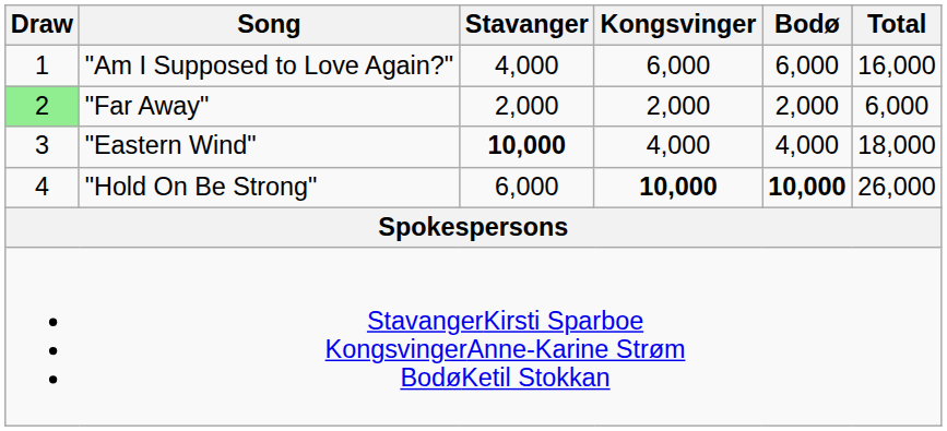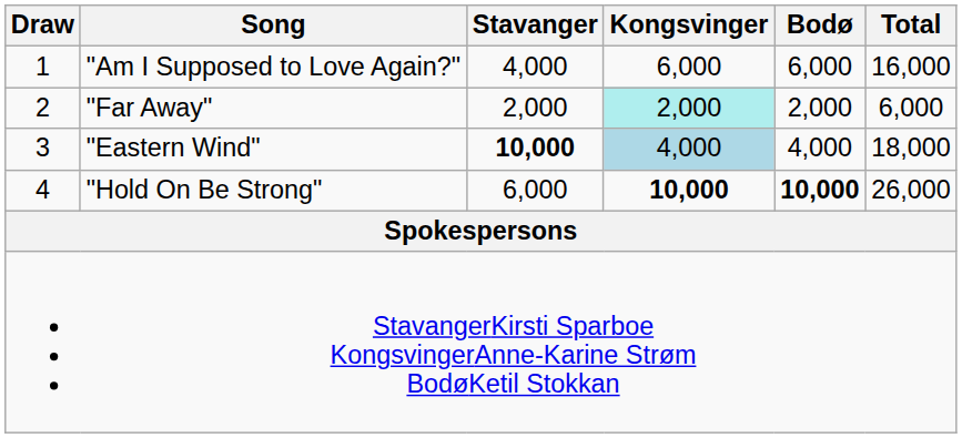 <table class="wikitable collapsible" style="margin: 1em auto 1em auto; text-align:center;">
 <tr>
 <th>Draw</th>
 <th>Song</th>
 <th>Stavanger</th>
 <th>Kongsvinger</th>
 <th>Bodø</th>
 <th>Total</th>
 </tr>
 <tr>
 <td>1</td>
 <td style="text-align:left;">"Am I Supposed to Love Again?"</td>
 <td>4,000</td>
 <td>6,000</td>
 <td>6,000</td>
 <td>16,000</td>
 </tr>
 <tr>
-<td style="background: lightgreen;">2</td>
+<td>2</td>
 <td style="text-align:left;">"Far Away"</td>
 <td>2,000</td>
-<td>2,000</td>
+<td style="background: paleturquoise;">2,000</td>
 <td>2,000</td>
 <td>6,000</td>
 </tr>
 <tr>
 <td>3</td>
 <td style="text-align:left;">"Eastern Wind"</td>
 <td><strong>10,000</strong></td>
-<td>4,000</td>
+<td style="background: lightblue;">4,000</td>
 <td>4,000</td>
 <td>18,000</td>
 </tr>
 <tr>
 <td>4</td>
 <td style="text-align:left;">"Hold On Be Strong"</td>
 <td>6,000</td>
 <td><strong>10,000</strong></td>
 <td><strong>10,000</strong></td>
 <td>26,000</td>
 </tr>
 <tr>
 <th colspan="6">Spokespersons</th>
 </tr>
 <tr>
 <td colspan="6"><br><ul><li><a href='#'>Stavanger</a><a href='#'>Kirsti Sparboe</a></li><li><a href='#'>Kongsvinger</a><a href='#'>Anne-Karine Strøm</a></li><li><a href='#'>Bodø</a><a href='#'>Ketil Stokkan</a></li></ul></td>
 </tr>
 </table>
